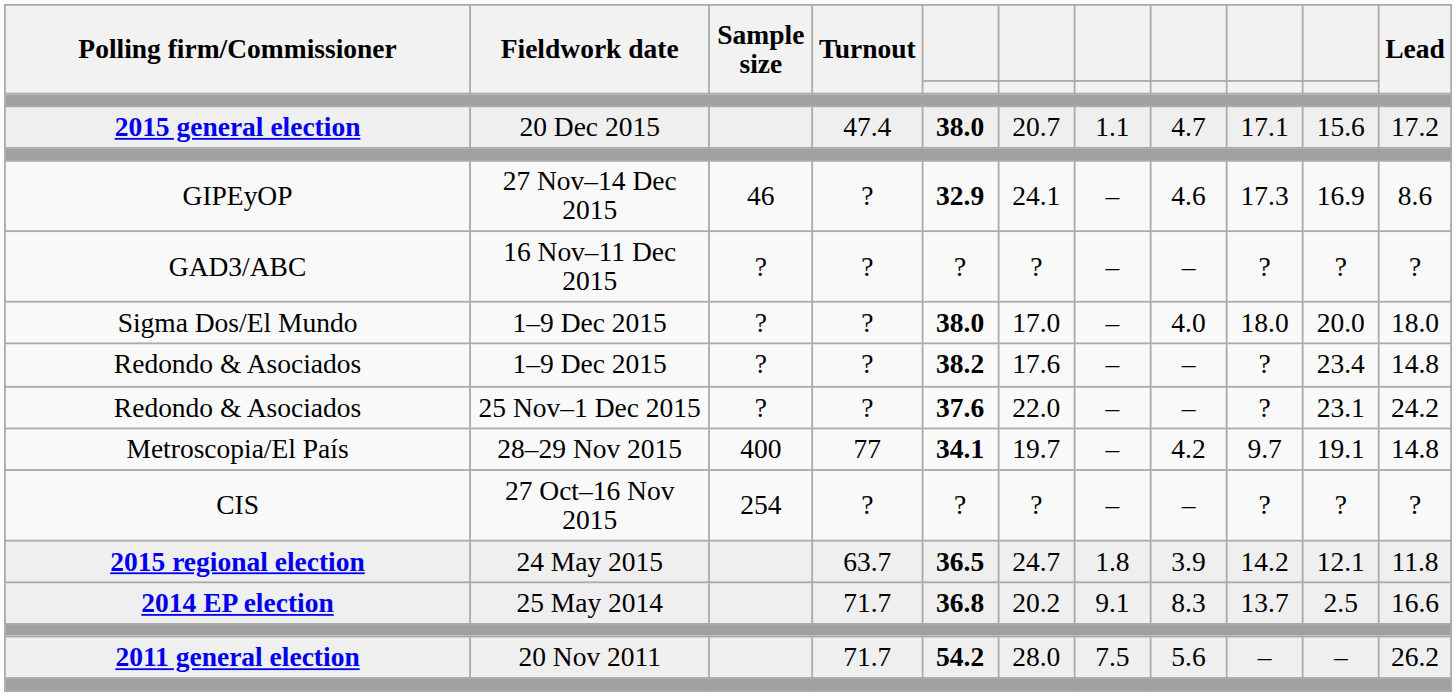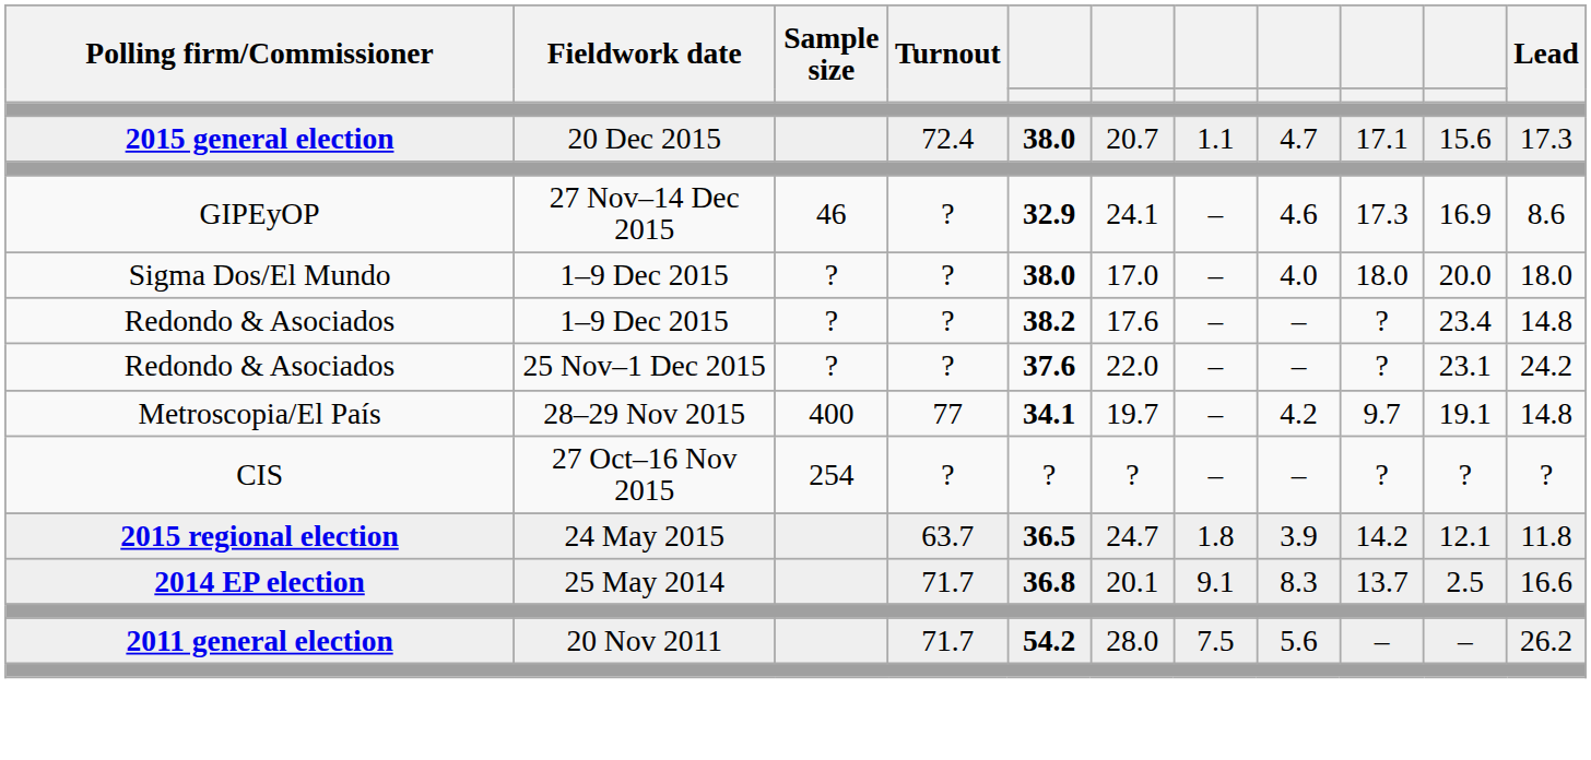 <table class="wikitable collapsible collapsed" style="text-align:center; font-size:95%; line-height:16px;">
 <tr style="height:42px; background-color:#E9E9E9">
 <th style="width:250px;" rowspan="2">Polling firm/Commissioner</th>
 <th style="width:125px;" rowspan="2">Fieldwork date</th>
 <th style="width:50px;" rowspan="2">Sample size</th>
 <th style="width:45px;" rowspan="2">Turnout</th>
 <th style="width:35px;"></th>
 <th style="width:35px;"></th>
 <th style="width:35px;"></th>
 <th style="width:35px;"></th>
 <th style="width:35px;"></th>
 <th style="width:35px;"></th>
 <th style="width:30px;" rowspan="2">Lead</th>
 </tr>
 <tr>
 <th style="color:inherit;background:"></th>
 <th style="color:inherit;background:"></th>
 <th style="color:inherit;background:"></th>
 <th style="color:inherit;background:"></th>
 <th style="color:inherit;background:"></th>
 <th style="color:inherit;background:"></th>
 </tr>
 <tr>
 <td colspan="11" style="background:#A0A0A0"></td>
 </tr>
 <tr style="background:#EFEFEF;">
 <td><strong><a href='#'>2015 general election</a></strong></td>
 <td>20 Dec 2015</td>
 <td></td>
-<td>47.4</td>
+<td>72.4</td>
 <td><strong>38.0</strong><br></td>
 <td>20.7<br></td>
 <td>1.1<br></td>
 <td>4.7<br></td>
 <td>17.1<br></td>
 <td>15.6<br></td>
-<td style="background:">17.2</td>
+<td style="background:">17.3</td>
 </tr>
 <tr>
 <td colspan="11" style="background:#A0A0A0"></td>
 </tr>
 <tr>
 <td>GIPEyOP</td>
 <td>27 Nov–14 Dec 2015</td>
 <td>46</td>
 <td>?</td>
 <td><strong>32.9</strong><br></td>
 <td>24.1<br></td>
 <td>–</td>
 <td>4.6<br></td>
 <td>17.3<br></td>
 <td>16.9<br></td>
 <td style="background:">8.6</td>
-</tr>
-<tr>
-<td>GAD3/ABC</td>
-<td>16 Nov–11 Dec 2015</td>
-<td>?</td>
-<td>?</td>
-<td>?<br></td>
-<td>?<br></td>
-<td>–</td>
-<td>–</td>
-<td>?<br></td>
-<td>?<br></td>
-<td style="background:">?</td>
 </tr>
 <tr>
 <td>Sigma Dos/El Mundo</td>
 <td>1–9 Dec 2015</td>
 <td>?</td>
 <td>?</td>
 <td><strong>38.0</strong><br></td>
 <td>17.0<br></td>
 <td>–</td>
 <td>4.0<br></td>
 <td>18.0<br></td>
 <td>20.0<br></td>
 <td style="background:">18.0</td>
 </tr>
 <tr>
 <td>Redondo & Asociados</td>
 <td>1–9 Dec 2015</td>
 <td>?</td>
 <td>?</td>
 <td><strong>38.2</strong><br></td>
 <td>17.6<br></td>
 <td>–</td>
 <td>–</td>
 <td>?<br></td>
 <td>23.4<br></td>
 <td style="background:">14.8</td>
 </tr>
 <tr>
 <td>Redondo & Asociados</td>
 <td>25 Nov–1 Dec 2015</td>
 <td>?</td>
 <td>?</td>
 <td><strong>37.6</strong><br></td>
 <td>22.0<br></td>
 <td>–</td>
 <td>–</td>
 <td>?<br></td>
 <td>23.1<br></td>
 <td style="background:">24.2</td>
 </tr>
 <tr>
 <td>Metroscopia/El País</td>
 <td>28–29 Nov 2015</td>
 <td>400</td>
 <td>77</td>
 <td><strong>34.1</strong><br></td>
 <td>19.7<br></td>
 <td>–</td>
 <td>4.2<br></td>
 <td>9.7<br></td>
 <td>19.1<br></td>
 <td style="background:">14.8</td>
 </tr>
 <tr>
 <td>CIS</td>
 <td>27 Oct–16 Nov 2015</td>
 <td>254</td>
 <td>?</td>
 <td>?<br></td>
 <td>?<br></td>
 <td>–</td>
 <td>–</td>
 <td>?<br></td>
 <td>?<br></td>
 <td style="background:">?</td>
 </tr>
 <tr style="background:#EFEFEF;">
 <td><strong><a href='#'>2015 regional election</a></strong></td>
 <td>24 May 2015</td>
 <td></td>
 <td>63.7</td>
 <td><strong>36.5</strong><br></td>
 <td>24.7<br></td>
 <td>1.8<br></td>
 <td>3.9<br></td>
 <td>14.2<br></td>
 <td>12.1<br></td>
 <td style="background:">11.8</td>
 </tr>
 <tr style="background:#EFEFEF;">
 <td><strong><a href='#'>2014 EP election</a></strong></td>
 <td>25 May 2014</td>
 <td></td>
 <td>71.7</td>
 <td><strong>36.8</strong><br></td>
-<td>20.2<br></td>
+<td>20.1<br></td>
 <td>9.1<br></td>
 <td>8.3<br></td>
 <td>13.7<br></td>
 <td>2.5<br></td>
 <td style="background:">16.6</td>
 </tr>
 <tr>
 <td colspan="11" style="background:#A0A0A0"></td>
 </tr>
 <tr style="background:#EFEFEF;">
 <td><strong><a href='#'>2011 general election</a></strong></td>
 <td>20 Nov 2011</td>
 <td></td>
 <td>71.7</td>
 <td><strong>54.2</strong><br></td>
 <td>28.0<br></td>
 <td>7.5<br></td>
 <td>5.6<br></td>
 <td>–</td>
 <td>–</td>
 <td style="background:">26.2</td>
 </tr>
 <tr>
 <td colspan="11" style="background:#A0A0A0"></td>
 </tr>
 </table>
